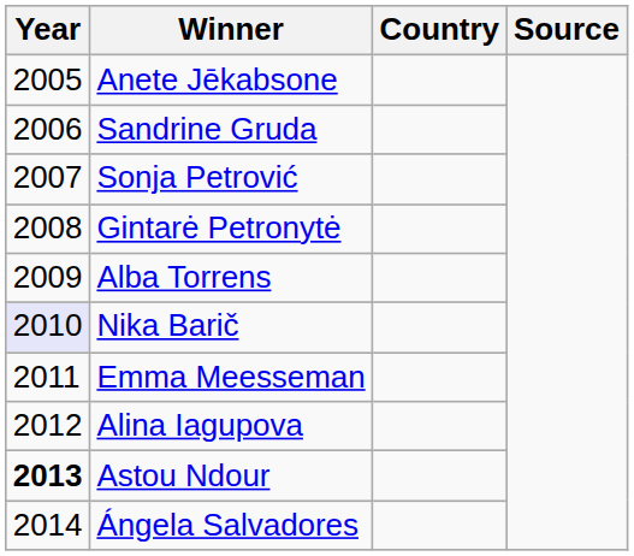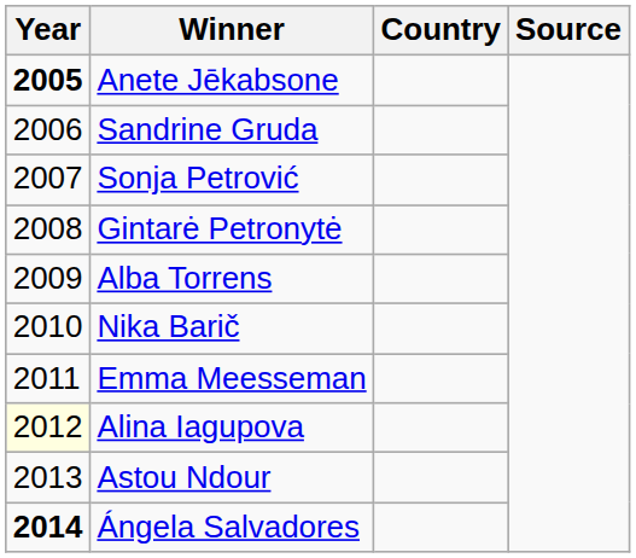 <table class="wikitable">
 <tr>
 <th>Year</th>
 <th>Winner</th>
 <th>Country</th>
 <th>Source</th>
 </tr>
 <tr>
-<td>2005</td>
+<td><strong>2005</strong></td>
 <td><a href='#'>Anete Jēkabsone</a></td>
 <td></td>
 <td rowspan="10" align="center"></td>
 </tr>
 <tr>
 <td>2006</td>
 <td><a href='#'>Sandrine Gruda</a></td>
 <td></td>
 </tr>
 <tr>
 <td>2007</td>
 <td><a href='#'>Sonja Petrović</a></td>
 <td></td>
 </tr>
 <tr>
 <td>2008</td>
 <td><a href='#'>Gintarė Petronytė</a></td>
 <td></td>
 </tr>
 <tr>
 <td>2009</td>
 <td><a href='#'>Alba Torrens</a></td>
 <td></td>
 </tr>
 <tr>
-<td style="background: lavender;">2010</td>
+<td>2010</td>
 <td><a href='#'>Nika Barič</a></td>
 <td></td>
 </tr>
 <tr>
 <td>2011</td>
 <td><a href='#'>Emma Meesseman</a></td>
 <td></td>
 </tr>
 <tr>
-<td>2012</td>
+<td style="background: lightyellow;">2012</td>
 <td><a href='#'>Alina Iagupova</a></td>
 <td></td>
 </tr>
 <tr>
-<td><strong>2013</strong></td>
+<td>2013</td>
 <td><a href='#'>Astou Ndour</a></td>
 <td></td>
 </tr>
 <tr>
-<td>2014</td>
+<td><strong>2014</strong></td>
 <td><a href='#'>Ángela Salvadores</a></td>
 <td></td>
 </tr>
 </table>
